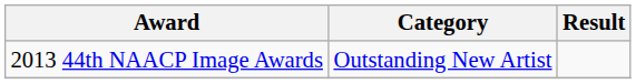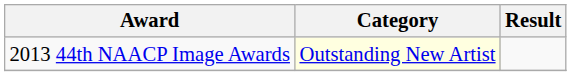 <table class="wikitable" border="1">
 <tr>
 <th>Award</th>
 <th>Category</th>
 <th>Result</th>
 </tr>
 <tr>
 <td>2013 <a href='#'>44th NAACP Image Awards</a></td>
-<td align="center"><a href='#'>Outstanding New Artist</a></td>
+<td align="center" style="background: lightyellow;"><a href='#'>Outstanding New Artist</a></td>
 <td></td>
 </tr>
 <tr>
 </tr>
 </table>
